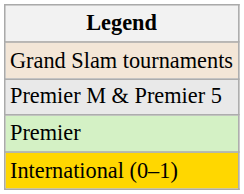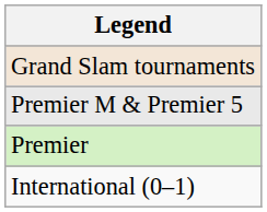 <table class=wikitable style="font-size:90%">
 <tr>
 <th>Legend</th>
 </tr>
 <tr style="background:#f3e6d7;">
 <td>Grand Slam tournaments</td>
 </tr>
 <tr style="background:#e9e9e9;">
 <td>Premier M & Premier 5</td>
 </tr>
 <tr style="background:#d4f1c5;">
 <td>Premier</td>
 </tr>
 <tr>
-<td style="background: gold;">International (0–1)</td>
+<td>International (0–1)</td>
 </tr>
 </table>
